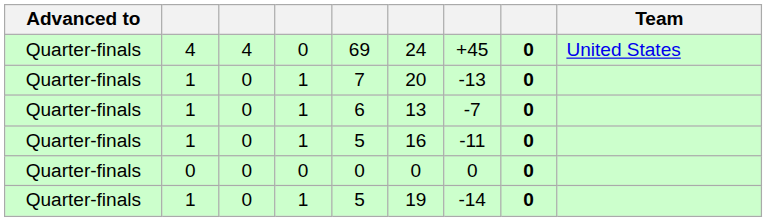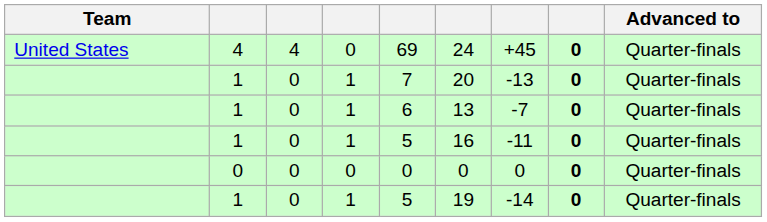 <table class="wikitable" style="text-align:center;">
 <tr>
-<th width=125>Advanced to</th>
+<th width=165>Team</th>
 <th width=40></th>
 <th width=40></th>
 <th width=40></th>
 <th width=40></th>
 <th width=40></th>
 <th width=40></th>
 <th width=40></th>
-<th width=165>Team</th>
+<th width=125>Advanced to</th>
 </tr>
 <tr style="background:#cfc">
-<td>Quarter-finals</td>
+<td style="text-align:left;"> <a href='#'>United States</a></td>
 <td>4</td>
 <td>4</td>
 <td>0</td>
 <td>69</td>
 <td>24</td>
 <td>+45</td>
 <td><strong>0</strong></td>
-<td style="text-align:left;"> <a href='#'>United States</a></td>
+<td>Quarter-finals</td>
 </tr>
 <tr style="background:#cfc">
-<td>Quarter-finals</td>
+<td style="text-align:left;"></td>
 <td>1</td>
 <td>0</td>
 <td>1</td>
 <td>7</td>
 <td>20</td>
 <td>-13</td>
 <td><strong>0</strong></td>
-<td style="text-align:left;"></td>
+<td>Quarter-finals</td>
 </tr>
 <tr style="background:#cfc">
-<td>Quarter-finals</td>
+<td style="text-align:left;"></td>
 <td>1</td>
 <td>0</td>
 <td>1</td>
 <td>6</td>
 <td>13</td>
 <td>-7</td>
 <td><strong>0</strong></td>
-<td style="text-align:left;"></td>
+<td>Quarter-finals</td>
 </tr>
 <tr style="background:#cfc">
-<td>Quarter-finals</td>
+<td style="text-align:left;"></td>
 <td>1</td>
 <td>0</td>
 <td>1</td>
 <td>5</td>
 <td>16</td>
 <td>-11</td>
 <td><strong>0</strong></td>
-<td style="text-align:left;"></td>
+<td>Quarter-finals</td>
 </tr>
 <tr style="background:#cfc">
-<td>Quarter-finals</td>
+<td style="text-align:left;"></td>
 <td>0</td>
 <td>0</td>
 <td>0</td>
 <td>0</td>
 <td>0</td>
 <td>0</td>
 <td><strong>0</strong></td>
-<td style="text-align:left;"></td>
+<td>Quarter-finals</td>
 </tr>
 <tr style="background:#cfc">
-<td>Quarter-finals</td>
+<td style="text-align:left;"></td>
 <td>1</td>
 <td>0</td>
 <td>1</td>
 <td>5</td>
 <td>19</td>
 <td>-14</td>
 <td><strong>0</strong></td>
-<td style="text-align:left;"></td>
+<td>Quarter-finals</td>
 </tr>
 </table>
